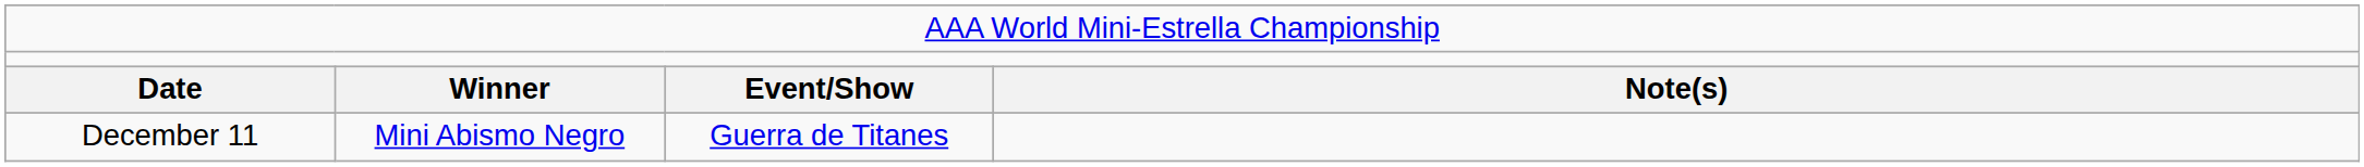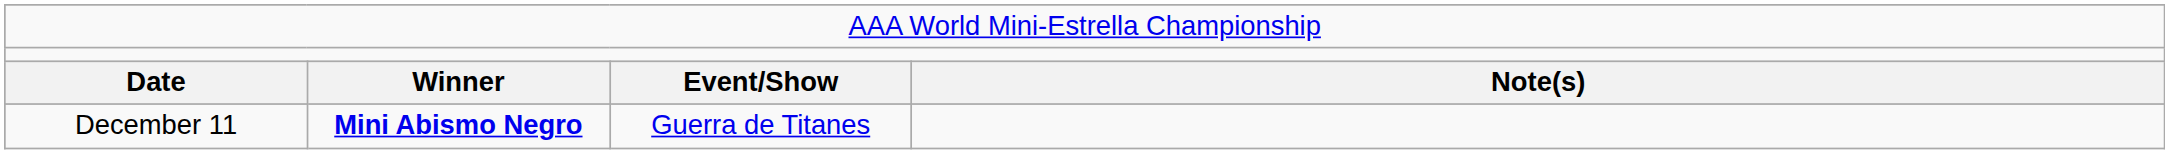 <table class="wikitable" style="text-align:center; width:100%;">
 <tr>
 <td colspan="5"><a href='#'>AAA World Mini-Estrella Championship</a></td>
 </tr>
 <tr>
 <td colspan="5"><strong></strong></td>
 </tr>
 <tr>
 <th width="14%">Date</th>
 <th width="14%">Winner</th>
 <th width="14%">Event/Show</th>
 <th width="58%">Note(s)</th>
 </tr>
 <tr>
 <td>December 11</td>
-<td><a href='#'>Mini Abismo Negro</a></td>
+<td><strong><a href='#'>Mini Abismo Negro</a></strong></td>
 <td><a href='#'>Guerra de Titanes</a></td>
 <td align="left"></td>
 </tr>
 </table>
